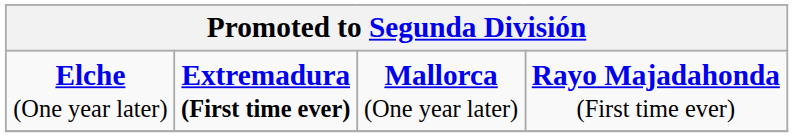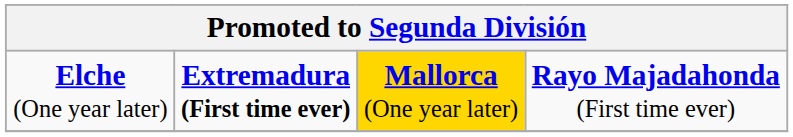 <table class="wikitable" style="text-align: center; margin: 0 auto;">
 <tr>
 <th colspan="4">Promoted to <a href='#'>Segunda División</a></th>
 </tr>
 <tr>
 <td><strong><a href='#'>Elche</a></strong><br><small>(One year later)</small></td>
 <td><strong><a href='#'>Extremadura</a><br><small>(First time ever)</small></strong></td>
-<td><strong><a href='#'>Mallorca</a></strong><br><small>(One year later)</small></td>
+<td style="background: gold;"><strong><a href='#'>Mallorca</a></strong><br><small>(One year later)</small></td>
 <td><strong><a href='#'>Rayo Majadahonda</a></strong><br><small>(First time ever)</small></td>
 </tr>
 <tr>
 </tr>
 </table>
